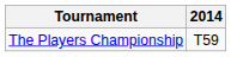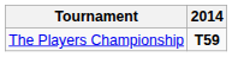 <table class="wikitable" style="font-size:95%;text-align:center;">
 <tr>
 <th>Tournament</th>
 <th>2014</th>
 </tr>
 <tr>
 <td align=left><a href='#'>The Players Championship</a></td>
-<td>T59</td>
+<td><strong>T59</strong></td>
 </tr>
 </table>
